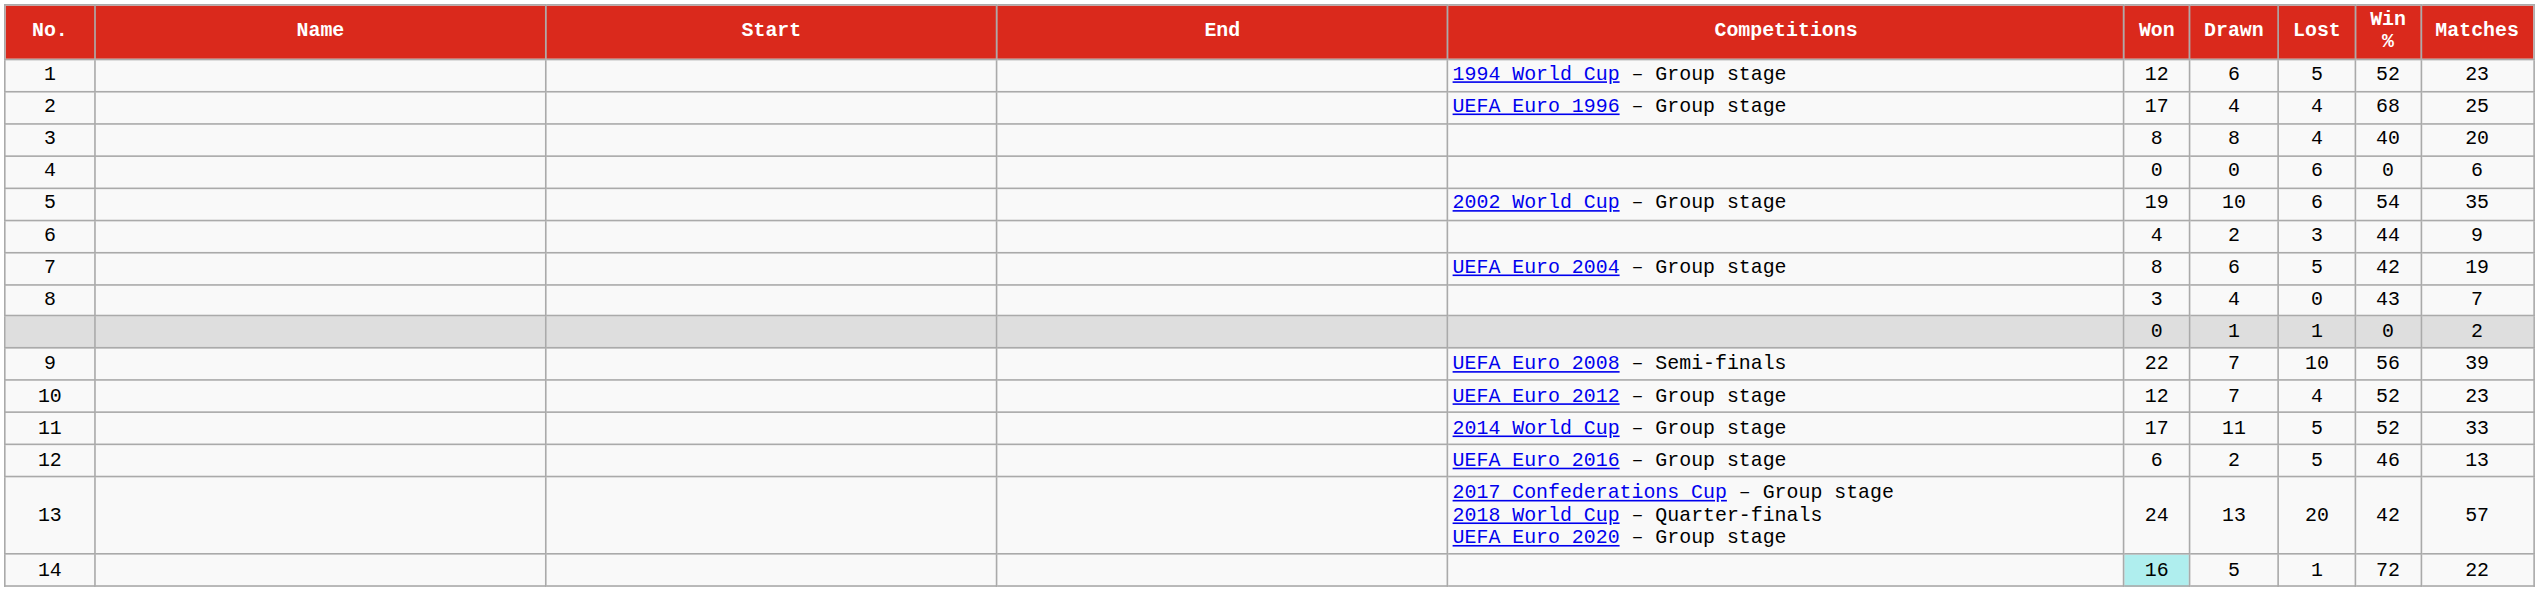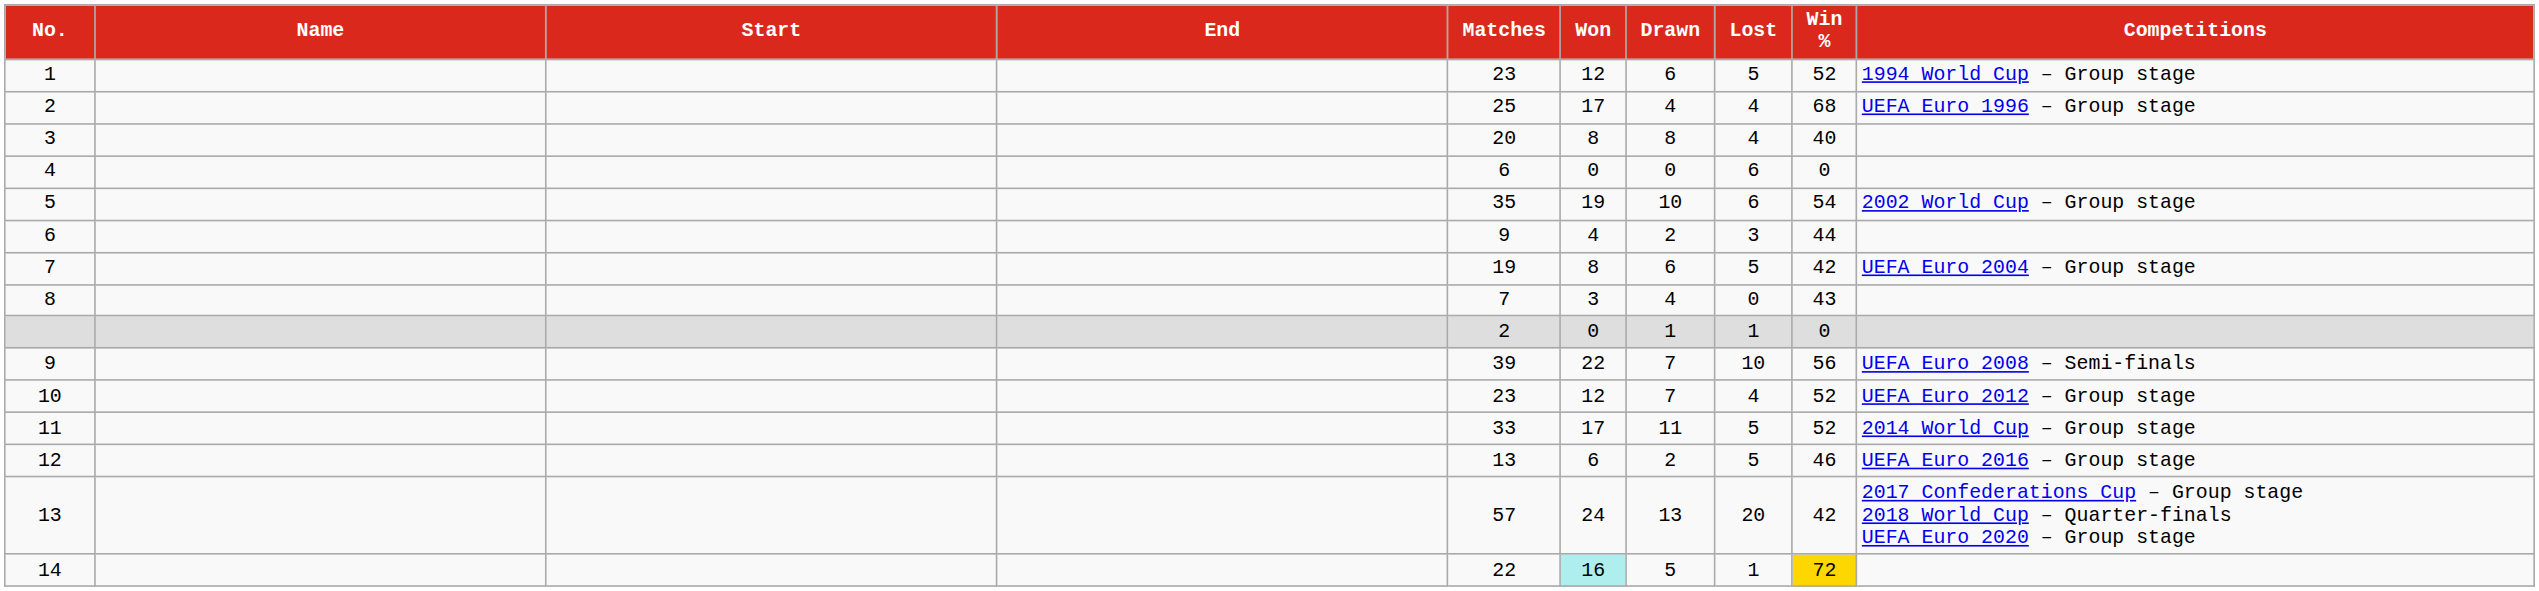 <table class="wikitable" style="text-align:center; font-size: 95%; border: 1px; text-align: middle; width=100%">
 <tr>
 <th width="2%" style="background:#DA291C; color:white; ">No.</th>
 <th width="10%" style="background:#DA291C; color:white; ">Name</th>
 <th width="10%" style="background:#DA291C; color:white; ">Start</th>
 <th width="10%" style="background:#DA291C; color:white; ">End</th>
-<th width="15%" style="background:#DA291C; color:white; ">Competitions</th>
+<th width="1%" style="background:#DA291C; color:white; ">Matches</th>
 <th width="1%" style="background:#DA291C; color:white; ">Won</th>
 <th width="1%" style="background:#DA291C; color:white; ">Drawn</th>
 <th width="1%" style="background:#DA291C; color:white; ">Lost</th>
 <th width="1%" style="background:#DA291C; color:white; ">Win %</th>
-<th width="1%" style="background:#DA291C; color:white; ">Matches</th>
+<th width="15%" style="background:#DA291C; color:white; ">Competitions</th>
 </tr>
 <tr align="center">
 <td>1</td>
 <td style="text-align: left;"> </td>
 <td></td>
 <td></td>
-<td style="text-align: left;"><a href='#'>1994 World Cup</a> – Group stage</td>
+<td>23</td>
 <td>12</td>
 <td>6</td>
 <td>5</td>
 <td>52</td>
-<td>23</td>
+<td style="text-align: left;"><a href='#'>1994 World Cup</a> – Group stage</td>
 </tr>
 <tr align="center">
 <td>2</td>
 <td style="text-align: left;"> </td>
 <td></td>
 <td></td>
-<td style="text-align: left;"><a href='#'>UEFA Euro 1996</a> – Group stage</td>
+<td>25</td>
 <td>17</td>
 <td>4</td>
 <td>4</td>
 <td>68</td>
-<td>25</td>
+<td style="text-align: left;"><a href='#'>UEFA Euro 1996</a> – Group stage</td>
 </tr>
 <tr align="center">
 <td>3</td>
 <td style="text-align: left;"> </td>
 <td></td>
 <td></td>
-<td></td>
+<td>20</td>
 <td>8</td>
 <td>8</td>
 <td>4</td>
 <td>40</td>
-<td>20</td>
+<td></td>
 </tr>
 <tr align="center">
 <td>4</td>
 <td style="text-align: left;"> </td>
 <td></td>
 <td></td>
-<td></td>
+<td>6</td>
 <td>0</td>
 <td>0</td>
 <td>6</td>
 <td>0</td>
-<td>6</td>
+<td></td>
 </tr>
 <tr align="center">
 <td>5</td>
 <td style="text-align: left;"> </td>
 <td></td>
 <td></td>
-<td style="text-align: left;"><a href='#'>2002 World Cup</a> – Group stage</td>
+<td>35</td>
 <td>19</td>
 <td>10</td>
 <td>6</td>
 <td>54</td>
-<td>35</td>
+<td style="text-align: left;"><a href='#'>2002 World Cup</a> – Group stage</td>
 </tr>
 <tr align="center">
 <td>6</td>
 <td style="text-align: left;"> </td>
 <td></td>
 <td></td>
-<td></td>
+<td>9</td>
 <td>4</td>
 <td>2</td>
 <td>3</td>
 <td>44</td>
-<td>9</td>
+<td></td>
 </tr>
 <tr align="center">
 <td>7</td>
 <td style="text-align: left;"> </td>
 <td></td>
 <td></td>
-<td style="text-align: left;"><a href='#'>UEFA Euro 2004</a> – Group stage</td>
+<td>19</td>
 <td>8</td>
 <td>6</td>
 <td>5</td>
 <td>42</td>
-<td>19</td>
+<td style="text-align: left;"><a href='#'>UEFA Euro 2004</a> – Group stage</td>
 </tr>
 <tr align="center">
 <td>8</td>
 <td style="text-align: left;"> </td>
 <td></td>
 <td></td>
-<td></td>
+<td>7</td>
 <td>3</td>
 <td>4</td>
 <td>0</td>
 <td>43</td>
-<td>7</td>
+<td></td>
 </tr>
 <tr align="center" bgcolor="#dedede">
 <td></td>
 <td style="text-align: left;"> </td>
 <td></td>
 <td></td>
-<td></td>
+<td>2</td>
 <td>0</td>
 <td>1</td>
 <td>1</td>
 <td>0</td>
-<td>2</td>
+<td></td>
 </tr>
 <tr align="center">
 <td>9</td>
 <td style="text-align: left;"> </td>
 <td></td>
 <td></td>
-<td style="text-align: left;"><a href='#'>UEFA Euro 2008</a> – Semi-finals</td>
+<td>39</td>
 <td>22</td>
 <td>7</td>
 <td>10</td>
 <td>56</td>
-<td>39</td>
+<td style="text-align: left;"><a href='#'>UEFA Euro 2008</a> – Semi-finals</td>
 </tr>
 <tr align="center">
 <td>10</td>
 <td style="text-align: left;"> </td>
 <td></td>
 <td></td>
-<td style="text-align: left;"><a href='#'>UEFA Euro 2012</a> – Group stage</td>
+<td>23</td>
 <td>12</td>
 <td>7</td>
 <td>4</td>
 <td>52</td>
-<td>23</td>
+<td style="text-align: left;"><a href='#'>UEFA Euro 2012</a> – Group stage</td>
 </tr>
 <tr align="center">
 <td>11</td>
 <td style="text-align: left;"> </td>
 <td></td>
 <td></td>
-<td style="text-align: left;"><a href='#'>2014 World Cup</a> – Group stage</td>
+<td>33</td>
 <td>17</td>
 <td>11</td>
 <td>5</td>
 <td>52</td>
-<td>33</td>
+<td style="text-align: left;"><a href='#'>2014 World Cup</a> – Group stage</td>
 </tr>
 <tr>
 <td>12</td>
 <td style="text-align: left;"> </td>
 <td></td>
 <td></td>
-<td style="text-align: left;"><a href='#'>UEFA Euro 2016</a> – Group stage</td>
+<td>13</td>
 <td>6</td>
 <td>2</td>
 <td>5</td>
 <td>46</td>
-<td>13</td>
+<td style="text-align: left;"><a href='#'>UEFA Euro 2016</a> – Group stage</td>
 </tr>
 <tr>
 <td>13</td>
 <td style="text-align: left;"> </td>
 <td></td>
 <td></td>
-<td style="text-align: left;"><a href='#'>2017 Confederations Cup</a> – Group stage<br><a href='#'>2018 World Cup</a> – Quarter-finals<br><a href='#'>UEFA Euro 2020</a> – Group stage</td>
+<td>57</td>
 <td>24</td>
 <td>13</td>
 <td>20</td>
 <td>42</td>
-<td>57</td>
+<td style="text-align: left;"><a href='#'>2017 Confederations Cup</a> – Group stage<br><a href='#'>2018 World Cup</a> – Quarter-finals<br><a href='#'>UEFA Euro 2020</a> – Group stage</td>
 </tr>
 <tr>
 <td>14</td>
 <td style="text-align: left;"> </td>
 <td></td>
 <td></td>
-<td></td>
+<td>22</td>
 <td style="background: paleturquoise;">16</td>
 <td>5</td>
 <td>1</td>
-<td>72</td>
-<td>22</td>
+<td style="background: gold;">72</td>
+<td></td>
 </tr>
 </table>
